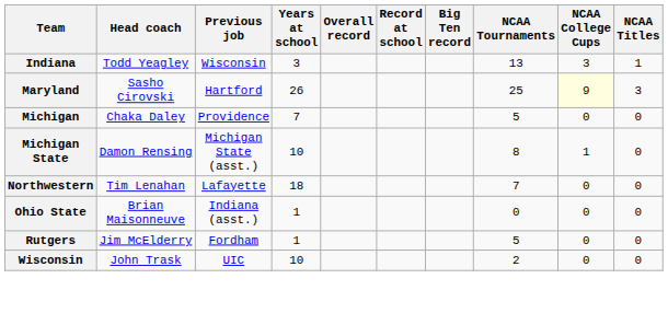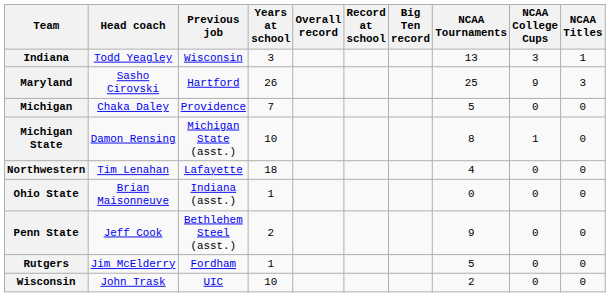 <table class="wikitable sortable" style="text-align: center;font-size:90%;">
 <tr>
 <th width="110">Team</th>
 <th>Head coach</th>
 <th>Previous job</th>
 <th>Years at school</th>
 <th>Overall record</th>
 <th>Record at school</th>
 <th>Big Ten record</th>
 <th>NCAA<br>Tournaments</th>
 <th>NCAA<br>College Cups</th>
 <th>NCAA<br>Titles</th>
 </tr>
 <tr>
 <th>Indiana</th>
 <td><a href='#'>Todd Yeagley</a></td>
 <td><a href='#'>Wisconsin</a></td>
 <td>3</td>
 <td></td>
 <td></td>
 <td></td>
 <td>13</td>
 <td>3</td>
 <td>1</td>
 </tr>
 <tr>
 <th>Maryland</th>
 <td><a href='#'>Sasho Cirovski</a></td>
 <td><a href='#'>Hartford</a></td>
 <td>26</td>
 <td></td>
 <td></td>
 <td></td>
 <td>25</td>
-<td style="background: lightyellow;">9</td>
+<td>9</td>
 <td>3</td>
 </tr>
 <tr>
 <th>Michigan</th>
 <td><a href='#'>Chaka Daley</a></td>
 <td><a href='#'>Providence</a></td>
 <td>7</td>
 <td></td>
 <td></td>
 <td></td>
 <td>5</td>
 <td>0</td>
 <td>0</td>
 </tr>
 <tr>
 <th>Michigan State</th>
 <td><a href='#'>Damon Rensing</a></td>
 <td><a href='#'>Michigan State</a> (asst.)</td>
 <td>10</td>
 <td></td>
 <td></td>
 <td></td>
 <td>8</td>
 <td>1</td>
 <td>0</td>
 </tr>
 <tr>
 <th>Northwestern</th>
 <td><a href='#'>Tim Lenahan</a></td>
 <td><a href='#'>Lafayette</a></td>
 <td>18</td>
 <td></td>
 <td></td>
 <td></td>
-<td>7</td>
+<td>4</td>
 <td>0</td>
 <td>0</td>
 </tr>
 <tr>
 <th>Ohio State</th>
 <td><a href='#'>Brian Maisonneuve</a></td>
 <td><a href='#'>Indiana</a> (asst.)</td>
 <td>1</td>
 <td></td>
 <td></td>
 <td></td>
 <td>0</td>
+<td>0</td>
+<td>0</td>
+</tr>
+<tr>
+<th>Penn State</th>
+<td><a href='#'>Jeff Cook</a></td>
+<td><a href='#'>Bethlehem Steel</a> (asst.)</td>
+<td>2</td>
+<td></td>
+<td></td>
+<td></td>
+<td>9</td>
 <td>0</td>
 <td>0</td>
 </tr>
 <tr>
 <th>Rutgers</th>
 <td><a href='#'>Jim McElderry</a></td>
 <td><a href='#'>Fordham</a></td>
 <td>1</td>
 <td></td>
 <td></td>
 <td></td>
 <td>5</td>
 <td>0</td>
 <td>0</td>
 </tr>
 <tr>
 <th>Wisconsin</th>
 <td><a href='#'>John Trask</a></td>
 <td><a href='#'>UIC</a></td>
 <td>10</td>
 <td></td>
 <td></td>
 <td></td>
 <td>2</td>
 <td>0</td>
 <td>0</td>
 </tr>
 </table>
